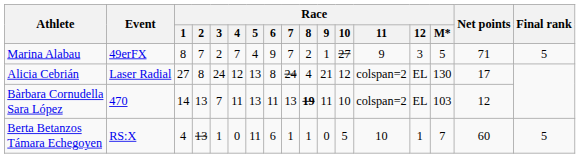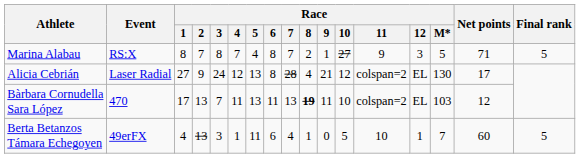 <table class="wikitable" style="font-size:90%">
 <tr>
 <th rowspan="2">Athlete</th>
 <th rowspan="2">Event</th>
 <th colspan=13>Race</th>
 <th rowspan=2>Net points</th>
 <th rowspan=2>Final rank</th>
 </tr>
 <tr style="font-size:95%">
 <th>1</th>
 <th>2</th>
 <th>3</th>
 <th>4</th>
 <th>5</th>
 <th>6</th>
 <th>7</th>
 <th>8</th>
 <th>9</th>
 <th>10</th>
 <th>11</th>
 <th>12</th>
 <th>M*</th>
 </tr>
 <tr align=center>
 <td align=left><a href='#'>Marina Alabau</a></td>
-<td align=left><a href='#'>49erFX</a></td>
+<td align=left><a href='#'>RS:X</a></td>
 <td>8</td>
 <td>7</td>
-<td>2</td>
+<td>8</td>
 <td>7</td>
 <td>4</td>
-<td>9</td>
+<td>8</td>
 <td>7</td>
 <td>2</td>
 <td>1</td>
 <td><s>27</s></td>
 <td>9</td>
 <td>3</td>
 <td>5</td>
 <td>71</td>
 <td>5</td>
 </tr>
 <tr align=center>
 <td align=left><a href='#'>Alicia Cebrián</a></td>
 <td align=left><a href='#'>Laser Radial</a></td>
 <td>27</td>
-<td>8</td>
+<td>9</td>
 <td>24</td>
 <td>12</td>
 <td>13</td>
 <td>8</td>
-<td><s>24</s></td>
+<td><s>28</s></td>
 <td>4</td>
 <td>21</td>
 <td>12</td>
 <td>colspan=2 </td>
 <td>EL</td>
 <td>130</td>
 <td>17</td>
 </tr>
 <tr align=center>
 <td align=left><a href='#'>Bàrbara Cornudella</a><br><a href='#'>Sara López</a></td>
 <td align=left><a href='#'>470</a></td>
-<td>14</td>
+<td>17</td>
 <td>13</td>
 <td>7</td>
 <td>11</td>
 <td>13</td>
 <td>11</td>
 <td>13</td>
 <td><strong><s>19</s></strong></td>
 <td>11</td>
 <td>10</td>
 <td>colspan=2 </td>
 <td>EL</td>
 <td>103</td>
 <td>12</td>
 </tr>
 <tr align=center>
 <td align=left><a href='#'>Berta Betanzos</a><br><a href='#'>Támara Echegoyen</a></td>
-<td align=left><a href='#'>RS:X</a></td>
+<td align=left><a href='#'>49erFX</a></td>
 <td>4</td>
 <td><s>13</s></td>
+<td>3</td>
 <td>1</td>
-<td>0</td>
 <td>11</td>
 <td>6</td>
-<td>1</td>
+<td>4</td>
 <td>1</td>
 <td>0</td>
 <td>5</td>
 <td>10</td>
 <td>1</td>
 <td>7</td>
 <td>60</td>
 <td>5</td>
 </tr>
 </table>
